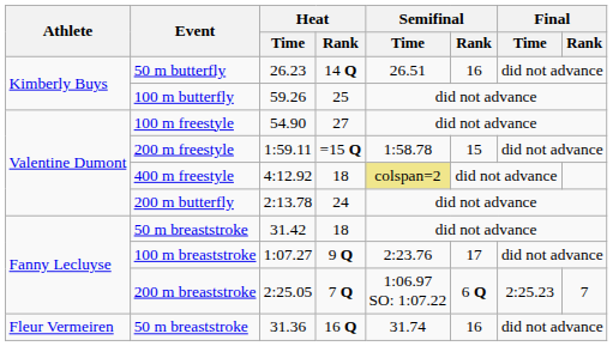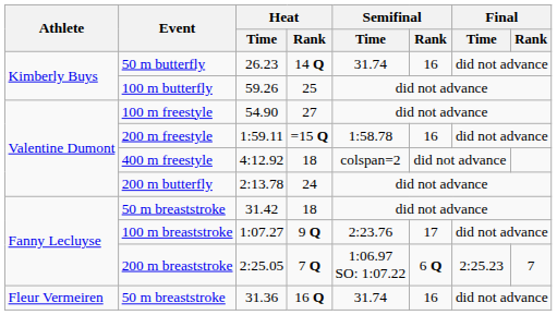 <table class="wikitable" style="text-align:center; font-size:90%">
 <tr>
 <th rowspan="2">Athlete</th>
 <th rowspan="2">Event</th>
 <th colspan="2">Heat</th>
 <th colspan="2">Semifinal</th>
 <th colspan="2">Final</th>
 </tr>
 <tr style="font-size:95%">
 <th>Time</th>
 <th>Rank</th>
 <th>Time</th>
 <th>Rank</th>
 <th>Time</th>
 <th>Rank</th>
 </tr>
 <tr>
 <td align=left rowspan=2><a href='#'>Kimberly Buys</a></td>
 <td align=left><a href='#'>50 m butterfly</a></td>
 <td>26.23</td>
 <td>14 <strong>Q</strong></td>
-<td>26.51</td>
+<td>31.74</td>
 <td>16</td>
 <td colspan=2>did not advance</td>
 </tr>
 <tr>
 <td align=left><a href='#'>100 m butterfly</a></td>
 <td>59.26</td>
 <td>25</td>
 <td colspan=4>did not advance</td>
 </tr>
 <tr>
 <td align=left rowspan=4><a href='#'>Valentine Dumont</a></td>
 <td align=left><a href='#'>100 m freestyle</a></td>
 <td>54.90</td>
 <td>27</td>
 <td colspan=4>did not advance</td>
 </tr>
 <tr>
 <td align=left><a href='#'>200 m freestyle</a></td>
 <td>1:59.11</td>
 <td>=15 <strong>Q</strong></td>
 <td>1:58.78</td>
-<td>15</td>
+<td>16</td>
 <td colspan=2>did not advance</td>
 </tr>
 <tr>
 <td align=left><a href='#'>400 m freestyle</a></td>
 <td>4:12.92</td>
 <td>18</td>
-<td style="background: khaki;">colspan=2 </td>
+<td>colspan=2 </td>
 <td colspan=2>did not advance</td>
 </tr>
 <tr>
 <td align=left><a href='#'>200 m butterfly</a></td>
 <td>2:13.78</td>
 <td>24</td>
 <td colspan=4>did not advance</td>
 </tr>
 <tr>
 <td align=left rowspan=3><a href='#'>Fanny Lecluyse</a></td>
 <td align=left><a href='#'>50 m breaststroke</a></td>
 <td>31.42</td>
 <td>18</td>
 <td colspan=4>did not advance</td>
 </tr>
 <tr>
 <td align=left><a href='#'>100 m breaststroke</a></td>
 <td>1:07.27</td>
 <td>9 <strong>Q</strong></td>
 <td>2:23.76</td>
 <td>17</td>
 <td colspan=2>did not advance</td>
 </tr>
 <tr>
 <td align=left><a href='#'>200 m breaststroke</a></td>
 <td>2:25.05</td>
 <td>7 <strong>Q</strong></td>
 <td>1:06.97<br>SO: 1:07.22</td>
 <td>6 <strong>Q</strong></td>
 <td>2:25.23</td>
 <td>7</td>
 </tr>
 <tr>
 <td align=left><a href='#'>Fleur Vermeiren</a></td>
 <td align=left><a href='#'>50 m breaststroke</a></td>
 <td>31.36</td>
 <td>16 <strong>Q</strong></td>
 <td>31.74</td>
 <td>16</td>
 <td colspan=2>did not advance</td>
 </tr>
 </table>
